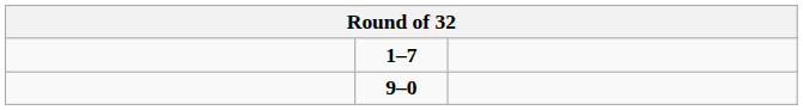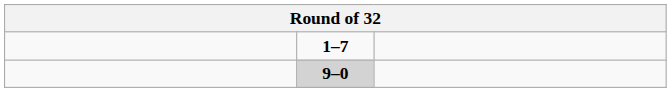 <table class="wikitable" style="text-align: center;">
 <tr>
 <th colspan=3>Round of 32</th>
 </tr>
 <tr>
 <td align=left width="270"></td>
 <td align=center width="65"><strong>1–7</strong></td>
 <td align=left width="270"><strong></strong></td>
 </tr>
 <tr>
 <td align=left><strong> </strong></td>
-<td align=center><strong>9–0</strong></td>
+<td align=center style="background: lightgrey;"><strong>9–0</strong></td>
 <td align=left></td>
 </tr>
 </table>
